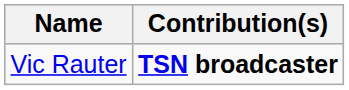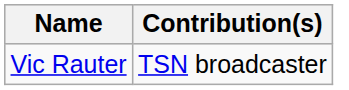 <table class="wikitable">
 <tr>
 <th><strong>Name</strong></th>
 <th><strong>Contribution(s)</strong></th>
 </tr>
 <tr>
 <td><a href='#'>Vic Rauter</a></td>
-<td><strong><a href='#'>TSN</a> broadcaster</strong></td>
+<td><a href='#'>TSN</a> broadcaster</td>
 </tr>
 </table>
